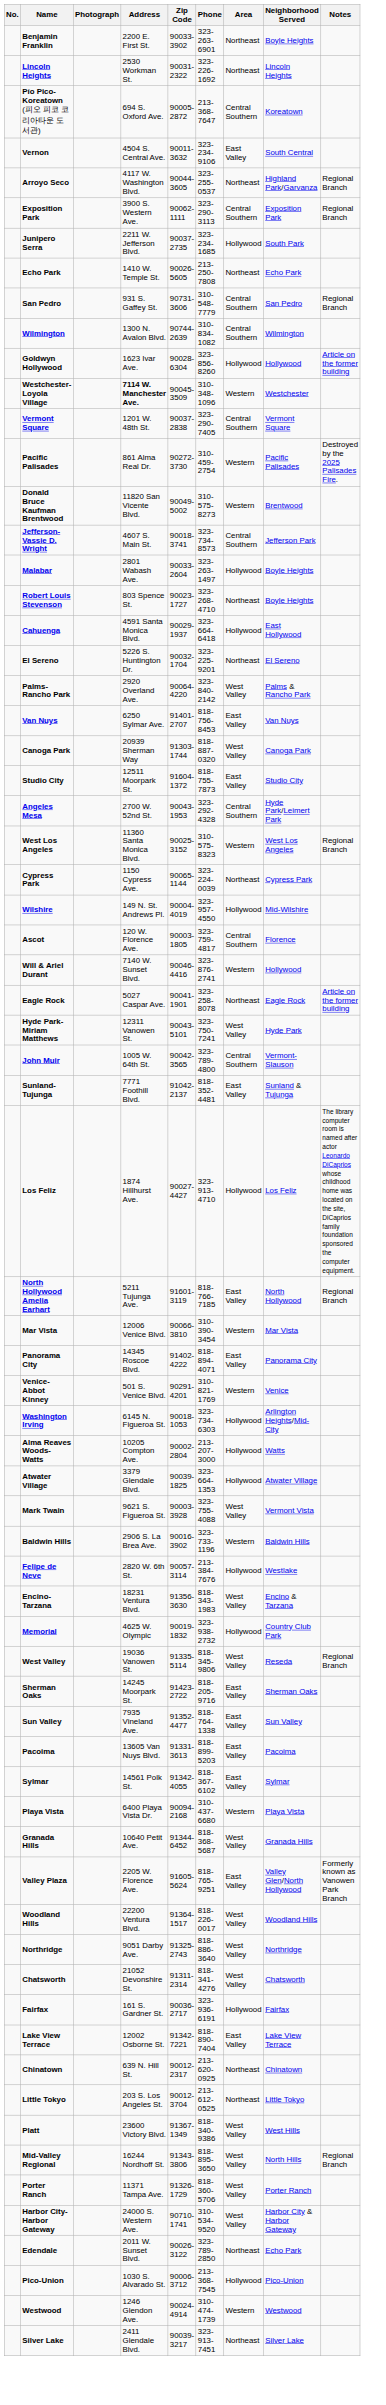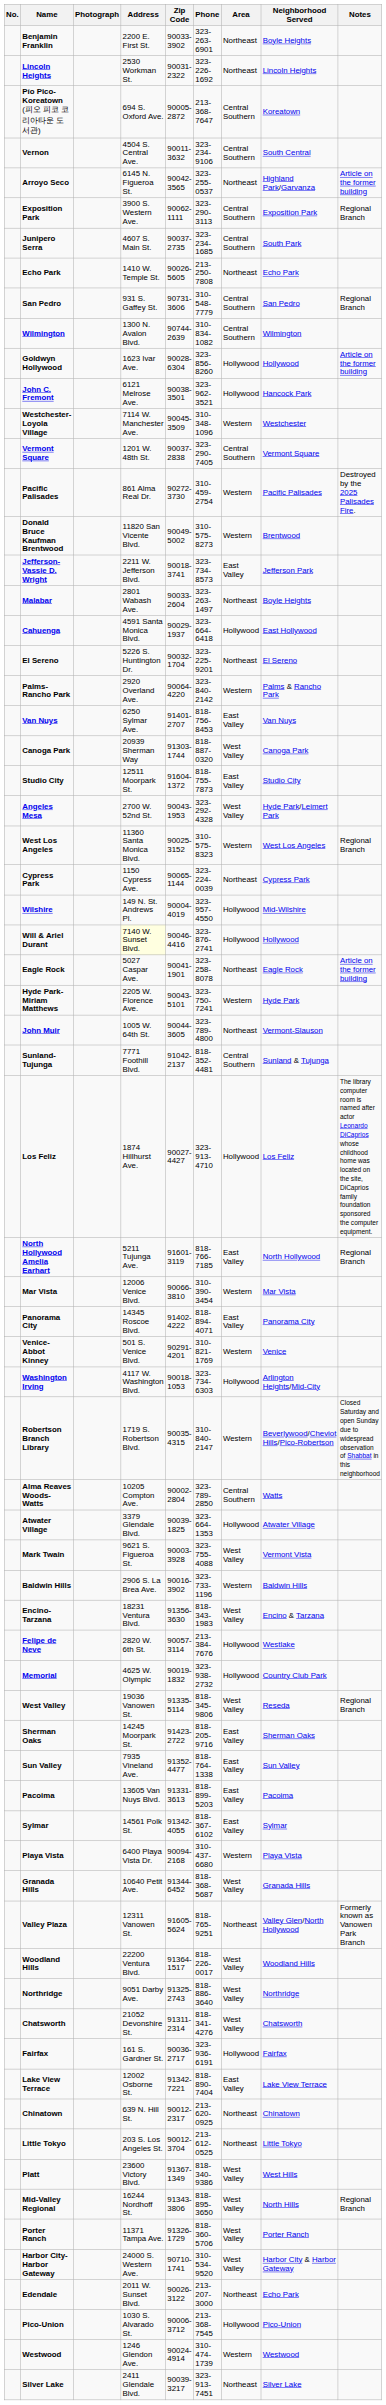 <table class="wikitable sortable">
 <tr>
 <th>No.</th>
 <th>Name</th>
 <th>Photograph</th>
 <th>Address</th>
 <th>Zip Code</th>
 <th>Phone</th>
 <th>Area</th>
 <th>Neighborhood Served</th>
 <th>Notes</th>
 </tr>
 <tr>
 <td></td>
 <td><strong>Benjamin Franklin</strong></td>
 <td></td>
 <td>2200 E. First St.</td>
 <td>90033-3902</td>
 <td>323-263-6901</td>
 <td>Northeast</td>
 <td><a href='#'>Boyle Heights</a></td>
 <td></td>
 </tr>
 <tr>
 <td></td>
 <td><strong><a href='#'>Lincoln Heights</a></strong></td>
 <td></td>
 <td>2530 Workman St.</td>
 <td>90031-2322</td>
 <td>323-226-1692</td>
 <td>Northeast</td>
 <td><a href='#'>Lincoln Heights</a></td>
 <td></td>
 </tr>
 <tr>
 <td></td>
 <td><strong>Pío Pico-Koreatown</strong> (피오 피코 코리아타운 도서관)</td>
 <td></td>
 <td>694 S. Oxford Ave.</td>
 <td>90005-2872</td>
 <td>213-368-7647</td>
 <td>Central Southern</td>
 <td><a href='#'>Koreatown</a></td>
 <td></td>
 </tr>
 <tr>
 <td></td>
 <td><strong>Vernon</strong></td>
 <td></td>
 <td>4504 S. Central Ave.</td>
 <td>90011-3632</td>
 <td>323-234-9106</td>
-<td>East Valley</td>
+<td>Central Southern</td>
 <td><a href='#'>South Central</a></td>
 <td></td>
 </tr>
 <tr>
 <td></td>
 <td><strong>Arroyo Seco</strong></td>
 <td></td>
-<td>4117 W. Washington Blvd.</td>
-<td>90044-3605</td>
+<td>6145 N. Figueroa St.</td>
+<td>90042-3565</td>
 <td>323-255-0537</td>
 <td>Northeast</td>
 <td><a href='#'>Highland Park</a>/<a href='#'>Garvanza</a></td>
-<td>Regional Branch</td>
+<td><a href='#'>Article on the former building</a></td>
 </tr>
 <tr>
 <td></td>
 <td><strong>Exposition Park</strong></td>
 <td></td>
 <td>3900 S. Western Ave.</td>
 <td>90062-1111</td>
 <td>323-290-3113</td>
 <td>Central Southern</td>
 <td><a href='#'>Exposition Park</a></td>
 <td>Regional Branch</td>
 </tr>
 <tr>
 <td></td>
 <td><strong>Junipero Serra</strong></td>
 <td></td>
-<td>2211 W. Jefferson Blvd.</td>
+<td>4607 S. Main St.</td>
 <td>90037-2735</td>
 <td>323-234-1685</td>
-<td>Hollywood</td>
+<td>Central Southern</td>
 <td><a href='#'>South Park</a></td>
 <td></td>
 </tr>
 <tr>
 <td></td>
 <td><strong>Echo Park</strong></td>
 <td></td>
 <td>1410 W. Temple St.</td>
 <td>90026-5605</td>
 <td>213-250-7808</td>
 <td>Northeast</td>
 <td><a href='#'>Echo Park</a></td>
 <td></td>
 </tr>
 <tr>
 <td></td>
 <td><strong>San Pedro</strong></td>
 <td></td>
 <td>931 S. Gaffey St.</td>
 <td>90731-3606</td>
 <td>310-548-7779</td>
 <td>Central Southern</td>
 <td><a href='#'>San Pedro</a></td>
 <td>Regional Branch</td>
 </tr>
 <tr>
 <td></td>
 <td><strong><a href='#'>Wilmington</a></strong></td>
 <td></td>
 <td>1300 N. Avalon Blvd.</td>
 <td>90744-2639</td>
 <td>310-834-1082</td>
 <td>Central Southern</td>
 <td><a href='#'>Wilmington</a></td>
 <td></td>
 </tr>
 <tr>
 <td></td>
 <td><strong>Goldwyn Hollywood</strong></td>
 <td></td>
 <td>1623 Ivar Ave.</td>
 <td>90028-6304</td>
 <td>323-856-8260</td>
 <td>Hollywood</td>
 <td><a href='#'>Hollywood</a></td>
 <td><a href='#'>Article on the former building</a></td>
 </tr>
 <tr>
 <td></td>
+<td><strong><a href='#'>John C. Fremont</a></strong></td>
+<td></td>
+<td>6121 Melrose Ave.</td>
+<td>90038-3501</td>
+<td>323-962-3521</td>
+<td>Hollywood</td>
+<td><a href='#'>Hancock Park</a></td>
+<td></td>
+</tr>
+<tr>
+<td></td>
 <td><strong>Westchester-Loyola Village</strong></td>
 <td></td>
-<td><strong>7114 W. Manchester Ave.</strong></td>
+<td>7114 W. Manchester Ave.</td>
 <td>90045-3509</td>
 <td>310-348-1096</td>
 <td>Western</td>
 <td><a href='#'>Westchester</a></td>
 <td></td>
 </tr>
 <tr>
 <td></td>
 <td><strong><a href='#'>Vermont Square</a></strong></td>
 <td></td>
 <td>1201 W. 48th St.</td>
 <td>90037-2838</td>
 <td>323-290-7405</td>
 <td>Central Southern</td>
 <td><a href='#'>Vermont Square</a></td>
 <td></td>
 </tr>
 <tr>
 <td></td>
 <td><strong>Pacific Palisades</strong></td>
 <td></td>
 <td>861 Alma Real Dr.</td>
 <td>90272-3730</td>
 <td>310-459-2754</td>
 <td>Western</td>
 <td><a href='#'>Pacific Palisades</a></td>
 <td>Destroyed by the <a href='#'>2025 Palisades Fire</a>.</td>
 </tr>
 <tr>
 <td></td>
 <td><strong>Donald Bruce Kaufman Brentwood</strong></td>
 <td></td>
 <td>11820 San Vicente Blvd.</td>
 <td>90049-5002</td>
 <td>310-575-8273</td>
 <td>Western</td>
 <td><a href='#'>Brentwood</a></td>
 <td></td>
 </tr>
 <tr>
 <td></td>
 <td><strong><a href='#'>Jefferson-Vassie D. Wright</a></strong></td>
 <td></td>
-<td>4607 S. Main St.</td>
+<td>2211 W. Jefferson Blvd.</td>
 <td>90018-3741</td>
 <td>323-734-8573</td>
-<td>Central Southern</td>
+<td>East Valley</td>
 <td><a href='#'>Jefferson Park</a></td>
 <td></td>
 </tr>
 <tr>
 <td></td>
 <td><strong><a href='#'>Malabar</a></strong></td>
 <td></td>
 <td>2801 Wabash Ave.</td>
 <td>90033-2604</td>
 <td>323-263-1497</td>
-<td>Hollywood</td>
-<td><a href='#'>Boyle Heights</a></td>
-<td></td>
-</tr>
-<tr>
-<td></td>
-<td><strong><a href='#'>Robert Louis Stevenson</a></strong></td>
-<td></td>
-<td>803 Spence St.</td>
-<td>90023-1727</td>
-<td>323-268-4710</td>
 <td>Northeast</td>
 <td><a href='#'>Boyle Heights</a></td>
 <td></td>
 </tr>
 <tr>
 <td></td>
 <td><strong><a href='#'>Cahuenga</a></strong></td>
 <td></td>
 <td>4591 Santa Monica Blvd.</td>
 <td>90029-1937</td>
 <td>323-664-6418</td>
 <td>Hollywood</td>
 <td><a href='#'>East Hollywood</a></td>
 <td></td>
 </tr>
 <tr>
 <td></td>
 <td><strong>El Sereno</strong></td>
 <td></td>
 <td>5226 S. Huntington Dr.</td>
 <td>90032-1704</td>
 <td>323-225-9201</td>
 <td>Northeast</td>
 <td><a href='#'>El Sereno</a></td>
 <td></td>
 </tr>
 <tr>
 <td></td>
 <td><strong>Palms-Rancho Park</strong></td>
 <td></td>
 <td>2920 Overland Ave.</td>
 <td>90064-4220</td>
 <td>323-840-2142</td>
-<td>West Valley</td>
+<td>Western</td>
 <td><a href='#'>Palms</a> & <a href='#'>Rancho Park</a></td>
 <td></td>
 </tr>
 <tr>
 <td></td>
 <td><strong><a href='#'>Van Nuys</a></strong></td>
 <td></td>
 <td>6250 Sylmar Ave.</td>
 <td>91401-2707</td>
 <td>818-756-8453</td>
 <td>East Valley</td>
 <td><a href='#'>Van Nuys</a></td>
 <td></td>
 </tr>
 <tr>
 <td></td>
 <td><strong>Canoga Park</strong></td>
 <td></td>
 <td>20939 Sherman Way</td>
 <td>91303-1744</td>
 <td>818-887-0320</td>
 <td>West Valley</td>
 <td><a href='#'>Canoga Park</a></td>
 <td></td>
 </tr>
 <tr>
 <td></td>
 <td><strong>Studio City</strong></td>
 <td></td>
 <td>12511 Moorpark St.</td>
 <td>91604-1372</td>
 <td>818-755-7873</td>
 <td>East Valley</td>
 <td><a href='#'>Studio City</a></td>
 <td></td>
 </tr>
 <tr>
 <td></td>
 <td><strong><a href='#'>Angeles Mesa</a></strong></td>
 <td></td>
 <td>2700 W. 52nd St.</td>
 <td>90043-1953</td>
 <td>323-292-4328</td>
-<td>Central Southern</td>
+<td>West Valley</td>
 <td><a href='#'>Hyde Park</a>/<a href='#'>Leimert Park</a></td>
 <td></td>
 </tr>
 <tr>
 <td></td>
 <td><strong>West Los Angeles</strong></td>
 <td></td>
 <td>11360 Santa Monica Blvd.</td>
 <td>90025-3152</td>
 <td>310-575-8323</td>
 <td>Western</td>
 <td><a href='#'>West Los Angeles</a></td>
 <td>Regional Branch</td>
 </tr>
 <tr>
 <td></td>
 <td><strong>Cypress Park</strong></td>
 <td></td>
 <td>1150 Cypress Ave.</td>
 <td>90065-1144</td>
 <td>323-224-0039</td>
 <td>Northeast</td>
 <td><a href='#'>Cypress Park</a></td>
 <td></td>
 </tr>
 <tr>
 <td></td>
 <td><strong><a href='#'>Wilshire</a></strong></td>
 <td></td>
 <td>149 N. St. Andrews Pl.</td>
 <td>90004-4019</td>
 <td>323-957-4550</td>
 <td>Hollywood</td>
 <td><a href='#'>Mid-Wilshire</a></td>
 <td></td>
 </tr>
 <tr>
 <td></td>
-<td><strong>Ascot</strong></td>
-<td></td>
-<td>120 W. Florence Ave.</td>
-<td>90003-1805</td>
-<td>323-759-4817</td>
-<td>Central Southern</td>
-<td><a href='#'>Florence</a></td>
-<td></td>
-</tr>
-<tr>
-<td></td>
 <td><strong>Will & Ariel Durant</strong></td>
 <td></td>
-<td>7140 W. Sunset Blvd.</td>
+<td style="background: lightyellow;">7140 W. Sunset Blvd.</td>
 <td>90046-4416</td>
 <td>323-876-2741</td>
-<td>Western</td>
+<td>Hollywood</td>
 <td><a href='#'>Hollywood</a></td>
 <td></td>
 </tr>
 <tr>
 <td></td>
 <td><strong>Eagle Rock</strong></td>
 <td></td>
 <td>5027 Caspar Ave.</td>
 <td>90041-1901</td>
 <td>323-258-8078</td>
 <td>Northeast</td>
 <td><a href='#'>Eagle Rock</a></td>
 <td><a href='#'>Article on the former building</a></td>
 </tr>
 <tr>
 <td></td>
 <td><strong>Hyde Park-Miriam Matthews</strong></td>
 <td></td>
-<td>12311 Vanowen St.</td>
+<td>2205 W. Florence Ave.</td>
 <td>90043-5101</td>
 <td>323-750-7241</td>
-<td>West Valley</td>
+<td>Western</td>
 <td><a href='#'>Hyde Park</a></td>
 <td></td>
 </tr>
 <tr>
 <td></td>
 <td><strong><a href='#'>John Muir</a></strong></td>
 <td></td>
 <td>1005 W. 64th St.</td>
-<td>90042-3565</td>
+<td>90044-3605</td>
 <td>323-789-4800</td>
-<td>Central Southern</td>
+<td>Northeast</td>
 <td><a href='#'>Vermont-Slauson</a></td>
 <td></td>
 </tr>
 <tr>
 <td></td>
 <td><strong>Sunland-Tujunga</strong></td>
 <td></td>
 <td>7771 Foothill Blvd.</td>
 <td>91042-2137</td>
 <td>818-352-4481</td>
-<td>East Valley</td>
+<td>Central Southern</td>
 <td><a href='#'>Sunland</a> & <a href='#'>Tujunga</a></td>
 <td></td>
 </tr>
 <tr>
 <td></td>
 <td><strong>Los Feliz</strong></td>
 <td></td>
 <td>1874 Hillhurst Ave.</td>
 <td>90027-4427</td>
 <td>323-913-4710</td>
 <td>Hollywood</td>
 <td><a href='#'>Los Feliz</a></td>
 <td><small>The library computer room is named after actor <a href='#'>Leonardo DiCaprios</a> whose childhood home was located on the site, DiCaprios family foundation sponsored the computer equipment.</small></td>
 </tr>
 <tr>
 <td></td>
 <td><strong><a href='#'>North Hollywood Amelia Earhart</a></strong></td>
 <td></td>
 <td>5211 Tujunga Ave.</td>
 <td>91601-3119</td>
 <td>818-766-7185</td>
 <td>East Valley</td>
 <td><a href='#'>North Hollywood</a></td>
 <td>Regional Branch</td>
 </tr>
 <tr>
 <td></td>
 <td><strong>Mar Vista</strong></td>
 <td></td>
 <td>12006 Venice Blvd.</td>
 <td>90066-3810</td>
 <td>310-390-3454</td>
 <td>Western</td>
 <td><a href='#'>Mar Vista</a></td>
 <td></td>
 </tr>
 <tr>
 <td></td>
 <td><strong>Panorama City</strong></td>
 <td></td>
 <td>14345 Roscoe Blvd.</td>
 <td>91402-4222</td>
 <td>818-894-4071</td>
 <td>East Valley</td>
 <td><a href='#'>Panorama City</a></td>
 <td></td>
 </tr>
 <tr>
 <td></td>
 <td><strong>Venice-Abbot Kinney</strong></td>
 <td></td>
 <td>501 S. Venice Blvd.</td>
 <td>90291-4201</td>
 <td>310-821-1769</td>
 <td>Western</td>
 <td><a href='#'>Venice</a></td>
 <td></td>
 </tr>
 <tr>
 <td></td>
 <td><strong><a href='#'>Washington Irving</a></strong></td>
 <td></td>
-<td>6145 N. Figueroa St.</td>
+<td>4117 W. Washington Blvd.</td>
 <td>90018-1053</td>
 <td>323-734-6303</td>
 <td>Hollywood</td>
 <td><a href='#'>Arlington Heights</a>/<a href='#'>Mid-City</a></td>
 <td></td>
 </tr>
 <tr>
 <td></td>
+<td><strong>Robertson Branch Library</strong></td>
+<td></td>
+<td>1719 S. Robertson Blvd.</td>
+<td>90035-4315</td>
+<td>310-840-2147</td>
+<td>Western</td>
+<td><a href='#'>Beverlywood</a>/<a href='#'>Cheviot Hills</a>/<a href='#'>Pico-Robertson</a></td>
+<td><small>Closed Saturday and open Sunday due to widespread observation of <a href='#'>Shabbat</a> in this neighborhood</small></td>
+</tr>
+<tr>
+<td></td>
 <td><strong>Alma Reaves Woods-Watts</strong></td>
 <td></td>
 <td>10205 Compton Ave.</td>
 <td>90002-2804</td>
-<td>213-207-3000</td>
-<td>Hollywood</td>
+<td>323-789-2850</td>
+<td>Central Southern</td>
 <td><a href='#'>Watts</a></td>
 <td></td>
 </tr>
 <tr>
 <td></td>
 <td><strong>Atwater Village</strong></td>
 <td></td>
 <td>3379 Glendale Blvd.</td>
 <td>90039-1825</td>
 <td>323-664-1353</td>
 <td>Hollywood</td>
 <td><a href='#'>Atwater Village</a></td>
 <td></td>
 </tr>
 <tr>
 <td></td>
 <td><strong>Mark Twain</strong></td>
 <td></td>
 <td>9621 S. Figueroa St.</td>
 <td>90003-3928</td>
 <td>323-755-4088</td>
 <td>West Valley</td>
 <td><a href='#'>Vermont Vista</a></td>
 <td></td>
 </tr>
 <tr>
 <td></td>
 <td><strong>Baldwin Hills</strong></td>
 <td></td>
 <td>2906 S. La Brea Ave.</td>
 <td>90016-3902</td>
 <td>323-733-1196</td>
 <td>Western</td>
 <td><a href='#'>Baldwin Hills</a></td>
 <td></td>
 </tr>
 <tr>
 <td></td>
+<td><strong>Encino-Tarzana</strong></td>
+<td></td>
+<td>18231 Ventura Blvd.</td>
+<td>91356-3630</td>
+<td>818-343-1983</td>
+<td>West Valley</td>
+<td><a href='#'>Encino</a> & <a href='#'>Tarzana</a></td>
+<td></td>
+</tr>
+<tr>
+<td></td>
 <td><strong><a href='#'>Felipe de Neve</a></strong></td>
 <td></td>
 <td>2820 W. 6th St.</td>
 <td>90057-3114</td>
 <td>213-384-7676</td>
 <td>Hollywood</td>
 <td><a href='#'>Westlake</a></td>
-<td></td>
-</tr>
-<tr>
-<td></td>
-<td><strong>Encino-Tarzana</strong></td>
-<td></td>
-<td>18231 Ventura Blvd.</td>
-<td>91356-3630</td>
-<td>818-343-1983</td>
-<td>West Valley</td>
-<td><a href='#'>Encino</a> & <a href='#'>Tarzana</a></td>
 <td></td>
 </tr>
 <tr>
 <td></td>
 <td><strong><a href='#'>Memorial</a></strong></td>
 <td></td>
 <td>4625 W. Olympic</td>
 <td>90019-1832</td>
 <td>323-938-2732</td>
 <td>Hollywood</td>
 <td><a href='#'>Country Club Park</a></td>
 <td></td>
 </tr>
 <tr>
 <td></td>
 <td><strong>West Valley</strong></td>
 <td></td>
 <td>19036 Vanowen St.</td>
 <td>91335-5114</td>
 <td>818-345-9806</td>
 <td>West Valley</td>
 <td><a href='#'>Reseda</a></td>
 <td>Regional Branch</td>
 </tr>
 <tr>
 <td></td>
 <td><strong>Sherman Oaks</strong></td>
 <td></td>
 <td>14245 Moorpark St.</td>
 <td>91423-2722</td>
 <td>818-205-9716</td>
 <td>East Valley</td>
 <td><a href='#'>Sherman Oaks</a></td>
 <td></td>
 </tr>
 <tr>
 <td></td>
 <td><strong>Sun Valley</strong></td>
 <td></td>
 <td>7935 Vineland Ave.</td>
 <td>91352-4477</td>
 <td>818-764-1338</td>
 <td>East Valley</td>
 <td><a href='#'>Sun Valley</a></td>
 <td></td>
 </tr>
 <tr>
 <td></td>
 <td><strong>Pacoima</strong></td>
 <td></td>
 <td>13605 Van Nuys Blvd.</td>
 <td>91331-3613</td>
 <td>818-899-5203</td>
 <td>East Valley</td>
 <td><a href='#'>Pacoima</a></td>
 <td></td>
 </tr>
 <tr>
 <td></td>
 <td><strong>Sylmar</strong></td>
 <td></td>
 <td>14561 Polk St.</td>
 <td>91342-4055</td>
 <td>818-367-6102</td>
 <td>East Valley</td>
 <td><a href='#'>Sylmar</a></td>
 <td></td>
 </tr>
 <tr>
 <td></td>
 <td><strong>Playa Vista</strong></td>
 <td></td>
 <td>6400 Playa Vista Dr.</td>
 <td>90094-2168</td>
 <td>310-437-6680</td>
 <td>Western</td>
 <td><a href='#'>Playa Vista</a></td>
 <td></td>
 </tr>
 <tr>
 <td></td>
 <td><strong>Granada Hills</strong></td>
 <td></td>
 <td>10640 Petit Ave.</td>
 <td>91344-6452</td>
 <td>818-368-5687</td>
 <td>West Valley</td>
 <td><a href='#'>Granada Hills</a></td>
 <td></td>
 </tr>
 <tr>
 <td></td>
 <td><strong>Valley Plaza</strong></td>
 <td></td>
-<td>2205 W. Florence Ave.</td>
+<td>12311 Vanowen St.</td>
 <td>91605-5624</td>
 <td>818-765-9251</td>
-<td>East Valley</td>
+<td>Northeast</td>
 <td><a href='#'>Valley Glen</a>/<a href='#'>North Hollywood</a></td>
 <td>Formerly known as Vanowen Park Branch</td>
 </tr>
 <tr>
 <td></td>
 <td><strong>Woodland Hills</strong></td>
 <td></td>
 <td>22200 Ventura Blvd.</td>
 <td>91364-1517</td>
 <td>818-226-0017</td>
 <td>West Valley</td>
 <td><a href='#'>Woodland Hills</a></td>
 <td></td>
 </tr>
 <tr>
 <td></td>
 <td><strong>Northridge</strong></td>
 <td></td>
 <td>9051 Darby Ave.</td>
 <td>91325-2743</td>
 <td>818-886-3640</td>
 <td>West Valley</td>
 <td><a href='#'>Northridge</a></td>
 <td></td>
 </tr>
 <tr>
 <td></td>
 <td><strong>Chatsworth</strong></td>
 <td></td>
 <td>21052 Devonshire St.</td>
 <td>91311-2314</td>
 <td>818-341-4276</td>
 <td>West Valley</td>
 <td><a href='#'>Chatsworth</a></td>
 <td></td>
 </tr>
 <tr>
 <td></td>
 <td><strong>Fairfax</strong></td>
 <td></td>
 <td>161 S. Gardner St.</td>
 <td>90036-2717</td>
 <td>323-936-6191</td>
 <td>Hollywood</td>
 <td><a href='#'>Fairfax</a></td>
 <td></td>
 </tr>
 <tr>
 <td></td>
 <td><strong>Lake View Terrace</strong></td>
 <td></td>
 <td>12002 Osborne St.</td>
 <td>91342-7221</td>
 <td>818-890-7404</td>
 <td>East Valley</td>
 <td><a href='#'>Lake View Terrace</a></td>
 <td></td>
 </tr>
 <tr>
 <td></td>
 <td><strong>Chinatown</strong></td>
 <td></td>
 <td>639 N. Hill St.</td>
 <td>90012-2317</td>
 <td>213-620-0925</td>
 <td>Northeast</td>
 <td><a href='#'>Chinatown</a></td>
 <td></td>
 </tr>
 <tr>
 <td></td>
 <td><strong>Little Tokyo</strong></td>
 <td></td>
 <td>203 S. Los Angeles St.</td>
 <td>90012-3704</td>
 <td>213-612-0525</td>
 <td>Northeast</td>
 <td><a href='#'>Little Tokyo</a></td>
 <td></td>
 </tr>
 <tr>
 <td></td>
 <td><strong>Platt</strong></td>
 <td></td>
 <td>23600 Victory Blvd.</td>
 <td>91367-1349</td>
 <td>818-340-9386</td>
 <td>West Valley</td>
 <td><a href='#'>West Hills</a></td>
 <td></td>
 </tr>
 <tr>
 <td></td>
 <td><strong>Mid-Valley Regional</strong></td>
 <td></td>
 <td>16244 Nordhoff St.</td>
 <td>91343-3806</td>
 <td>818-895-3650</td>
 <td>West Valley</td>
 <td><a href='#'>North Hills</a></td>
 <td>Regional Branch</td>
 </tr>
 <tr>
 <td></td>
 <td><strong>Porter Ranch</strong></td>
 <td></td>
 <td>11371 Tampa Ave.</td>
 <td>91326-1729</td>
 <td>818-360-5706</td>
 <td>West Valley</td>
 <td><a href='#'>Porter Ranch</a></td>
 <td></td>
 </tr>
 <tr>
 <td></td>
 <td><strong>Harbor City-Harbor Gateway</strong></td>
 <td></td>
 <td>24000 S. Western Ave.</td>
 <td>90710-1741</td>
 <td>310-534-9520</td>
 <td>West Valley</td>
 <td><a href='#'>Harbor City</a> & <a href='#'>Harbor Gateway</a></td>
 <td></td>
 </tr>
 <tr>
 <td></td>
 <td><strong>Edendale</strong></td>
 <td></td>
 <td>2011 W. Sunset Blvd.</td>
 <td>90026-3122</td>
-<td>323-789-2850</td>
+<td>213-207-3000</td>
 <td>Northeast</td>
 <td><a href='#'>Echo Park</a></td>
 <td></td>
 </tr>
 <tr>
 <td></td>
 <td><strong>Pico-Union</strong></td>
 <td></td>
 <td>1030 S. Alvarado St.</td>
 <td>90006-3712</td>
 <td>213-368-7545</td>
 <td>Hollywood</td>
 <td><a href='#'>Pico-Union</a></td>
 <td></td>
 </tr>
 <tr>
 <td></td>
 <td><strong>Westwood</strong></td>
 <td></td>
 <td>1246 Glendon Ave.</td>
 <td>90024-4914</td>
 <td>310-474-1739</td>
 <td>Western</td>
 <td><a href='#'>Westwood</a></td>
 <td></td>
 </tr>
 <tr>
 <td></td>
 <td><strong>Silver Lake</strong></td>
 <td></td>
 <td>2411 Glendale Blvd.</td>
 <td>90039-3217</td>
 <td>323-913-7451</td>
 <td>Northeast</td>
 <td><a href='#'>Silver Lake</a></td>
 <td> </td>
 </tr>
 </table>
